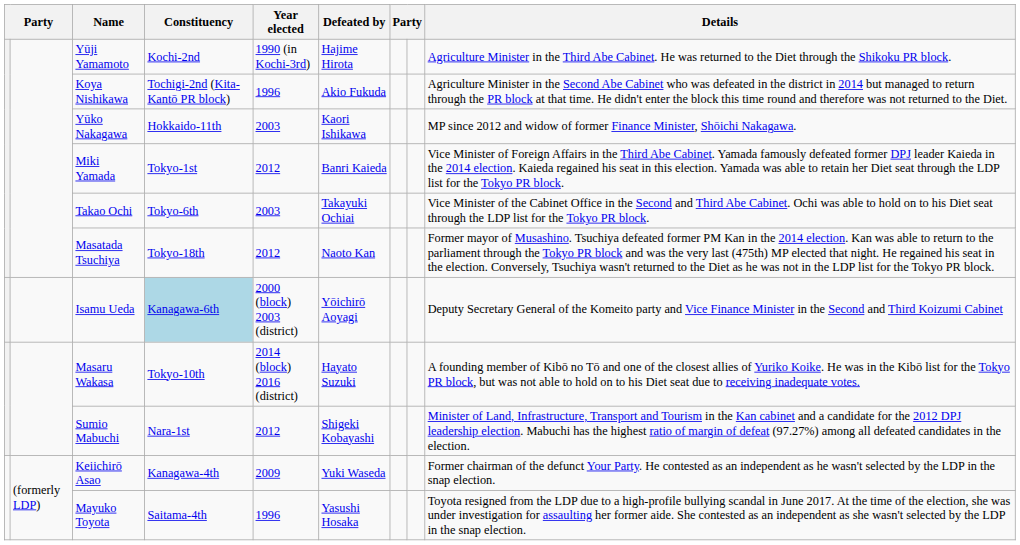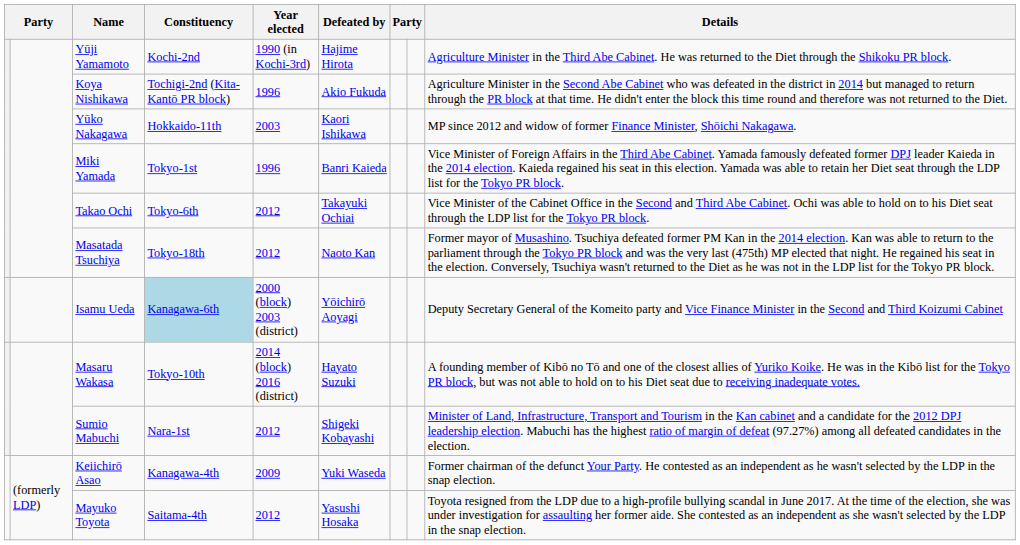 <table class="wikitable sortable" style="font-size: 95%;">
 <tr>
 <th colspan=2>Party</th>
 <th>Name</th>
 <th>Constituency</th>
 <th>Year elected</th>
 <th>Defeated by</th>
 <th colspan=2>Party</th>
 <th>Details</th>
 </tr>
 <tr>
 <th rowspan="6" style="background-color: "></th>
 <td rowspan="6"></td>
 <td data-sort-value="Yamamoto, Yuji"><a href='#'>Yūji Yamamoto</a></td>
 <td><a href='#'>Kochi-2nd</a></td>
 <td><a href='#'>1990</a> (in <a href='#'>Kochi-3rd</a>)</td>
 <td data-sort-value="Hirota, Hajime"><a href='#'>Hajime Hirota</a></td>
 <td style="color:inherit;background-color: "></td>
 <td></td>
 <td><a href='#'>Agriculture Minister</a> in the <a href='#'>Third Abe Cabinet</a>. He was returned to the Diet through the <a href='#'>Shikoku PR block</a>.</td>
 </tr>
 <tr>
 <td data-sort-value="Nishikawa, Koya"><a href='#'>Koya Nishikawa</a></td>
 <td><a href='#'>Tochigi-2nd</a> (<a href='#'>Kita-Kantō PR block</a>)</td>
 <td><a href='#'>1996</a></td>
 <td data-sort-value="Fukuda, Akio"><a href='#'>Akio Fukuda</a></td>
 <td style="color:inherit;background-color: "></td>
 <td></td>
 <td>Agriculture Minister in the <a href='#'>Second Abe Cabinet</a> who was defeated in the district in <a href='#'>2014</a> but managed to return through the <a href='#'>PR block</a> at that time. He didn't enter the block this time round and therefore was not returned to the Diet.</td>
 </tr>
 <tr>
 <td data-sort-value="Nakagawa, Yuuko"><a href='#'>Yūko Nakagawa</a></td>
 <td><a href='#'>Hokkaido-11th</a></td>
 <td><a href='#'>2003</a></td>
 <td data-sort-value="Ishikawa, Kaori"><a href='#'>Kaori Ishikawa</a></td>
 <td style="color:inherit;background-color: "></td>
 <td></td>
 <td>MP since 2012 and widow of former <a href='#'>Finance Minister</a>, <a href='#'>Shōichi Nakagawa</a>.</td>
 </tr>
 <tr>
 <td data-sort-value="Yamada, Miki"><a href='#'>Miki Yamada</a></td>
 <td><a href='#'>Tokyo-1st</a></td>
-<td><a href='#'>2012</a></td>
+<td><a href='#'>1996</a></td>
 <td data-sort-value="Kaieda, Banri"><a href='#'>Banri Kaieda</a></td>
 <td style="color:inherit;background-color: "></td>
 <td></td>
 <td>Vice Minister of Foreign Affairs in the <a href='#'>Third Abe Cabinet</a>. Yamada famously defeated former <a href='#'>DPJ</a> leader Kaieda in the <a href='#'>2014 election</a>. Kaieda regained his seat in this election. Yamada was able to retain her Diet seat through the LDP list for the <a href='#'>Tokyo PR block</a>.</td>
 </tr>
 <tr>
 <td data-sort-value="Ochi, Takao"><a href='#'>Takao Ochi</a></td>
 <td><a href='#'>Tokyo-6th</a></td>
-<td><a href='#'>2003</a></td>
+<td><a href='#'>2012</a></td>
 <td data-sort-value="Ochiai, Takayuki"><a href='#'>Takayuki Ochiai</a></td>
 <td style="color:inherit;background-color: "></td>
 <td></td>
 <td>Vice Minister of the Cabinet Office in the <a href='#'>Second</a> and <a href='#'>Third Abe Cabinet</a>. Ochi was able to hold on to his Diet seat through the LDP list for the <a href='#'>Tokyo PR block</a>.</td>
 </tr>
 <tr>
 <td data-sort-value="Tsuchiya, Masatada"><a href='#'>Masatada Tsuchiya</a></td>
 <td><a href='#'>Tokyo-18th</a></td>
 <td><a href='#'>2012</a></td>
 <td data-sort-value="Kan, Naoto"><a href='#'>Naoto Kan</a></td>
 <td style="color:inherit;background-color: "></td>
 <td></td>
 <td>Former mayor of <a href='#'>Musashino</a>. Tsuchiya defeated former PM Kan in the <a href='#'>2014 election</a>. Kan was able to return to the parliament through the <a href='#'>Tokyo PR block</a> and was the very last (475th) MP elected that night. He regained his seat in the election. Conversely, Tsuchiya wasn't returned to the Diet as he was not in the LDP list for the Tokyo PR block.</td>
 </tr>
 <tr>
 <th rowspan="1" style="background-color: "></th>
 <td rowspan="1"></td>
 <td data-sort-value="Ueda, Isamu"><a href='#'>Isamu Ueda</a></td>
 <td style="background: lightblue;"><a href='#'>Kanagawa-6th</a></td>
 <td><a href='#'>2000</a> (<a href='#'>block</a>)<br><a href='#'>2003</a> (district)</td>
 <td data-sort-value="Aoyagi, Youichirou"><a href='#'>Yōichirō Aoyagi</a></td>
 <td style="color:inherit;background-color: "></td>
 <td></td>
 <td>Deputy Secretary General of the Komeito party and <a href='#'>Vice Finance Minister</a> in the <a href='#'>Second</a> and <a href='#'>Third Koizumi Cabinet</a></td>
 </tr>
 <tr>
 <th rowspan="2" style="background-color: "></th>
 <td rowspan="2"></td>
 <td data-sort-value="Wakasa, Masaru"><a href='#'>Masaru Wakasa</a></td>
 <td><a href='#'>Tokyo-10th</a></td>
 <td><a href='#'>2014</a> (<a href='#'>block</a>)<br><a href='#'>2016</a> (district)</td>
 <td data-sort-value="Suzuki, Hayato"><a href='#'>Hayato Suzuki</a></td>
 <td style="color:inherit;background-color: "></td>
 <td></td>
 <td>A founding member of Kibō no Tō and one of the closest allies of <a href='#'>Yuriko Koike</a>. He was in the Kibō list for the <a href='#'>Tokyo PR block</a>, but was not able to hold on to his Diet seat due to <a href='#'>receiving inadequate votes.</a></td>
 </tr>
 <tr>
 <td data-sort-value="Mabuchi, Sumio"><a href='#'>Sumio Mabuchi</a></td>
 <td><a href='#'>Nara-1st</a></td>
 <td><a href='#'>2012</a></td>
 <td data-sort-value="Kobayashi, Shigeki"><a href='#'>Shigeki Kobayashi</a></td>
 <td style="color:inherit;background-color: "></td>
 <td></td>
 <td><a href='#'>Minister of Land, Infrastructure, Transport and Tourism</a> in the <a href='#'>Kan cabinet</a> and a candidate for the <a href='#'>2012 DPJ leadership election</a>. Mabuchi has the highest <a href='#'>ratio of margin of defeat</a> (97.27%) among all defeated candidates in the election.</td>
 </tr>
 <tr>
 <td rowspan="2" style="color:inherit;background-color: "></td>
 <td rowspan="2"> (formerly <a href='#'>LDP</a>)</td>
 <td data-sort-value="Asao, Keiichirou"><a href='#'>Keiichirō Asao</a></td>
 <td><a href='#'>Kanagawa-4th</a></td>
 <td><a href='#'>2009</a></td>
 <td data-sort-value="Waseda, Yuki"><a href='#'>Yuki Waseda</a></td>
 <td style="color:inherit;background-color: "></td>
 <td></td>
 <td>Former chairman of the defunct <a href='#'>Your Party</a>. He contested as an independent as he wasn't selected by the LDP in the snap election.</td>
 </tr>
 <tr>
 <td data-sort-value="Toyota, Mayuko"><a href='#'>Mayuko Toyota</a></td>
 <td><a href='#'>Saitama-4th</a></td>
-<td><a href='#'>1996</a></td>
+<td><a href='#'>2012</a></td>
 <td data-sort-value="Hosaka, Yasushi"><a href='#'>Yasushi Hosaka</a></td>
 <td style="color:inherit;background-color: "></td>
 <td></td>
 <td>Toyota resigned from the LDP due to a high-profile bullying scandal in June 2017. At the time of the election, she was under investigation for <a href='#'>assaulting</a> her former aide. She contested as an independent as she wasn't selected by the LDP in the snap election.</td>
 </tr>
 </table>
